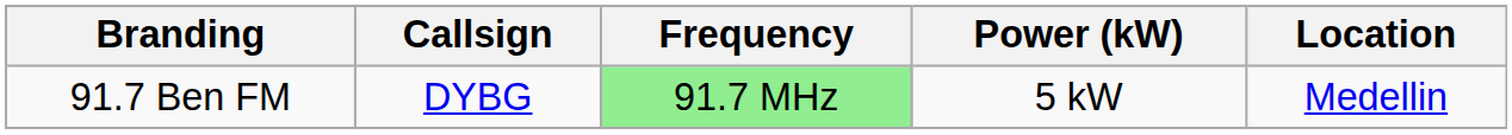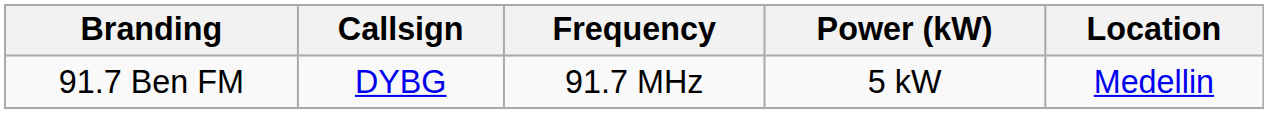 <table class="wikitable" style="width:100%; text-align:center;">
 <tr>
 <th>Branding</th>
 <th>Callsign</th>
 <th>Frequency</th>
 <th>Power (kW)</th>
 <th>Location</th>
 </tr>
 <tr>
 <td>91.7 Ben FM</td>
 <td><a href='#'>DYBG</a></td>
-<td style="background: lightgreen;">91.7 MHz</td>
+<td>91.7 MHz</td>
 <td>5 kW</td>
 <td><a href='#'>Medellin</a></td>
 </tr>
 <tr>
 </tr>
 </table>
